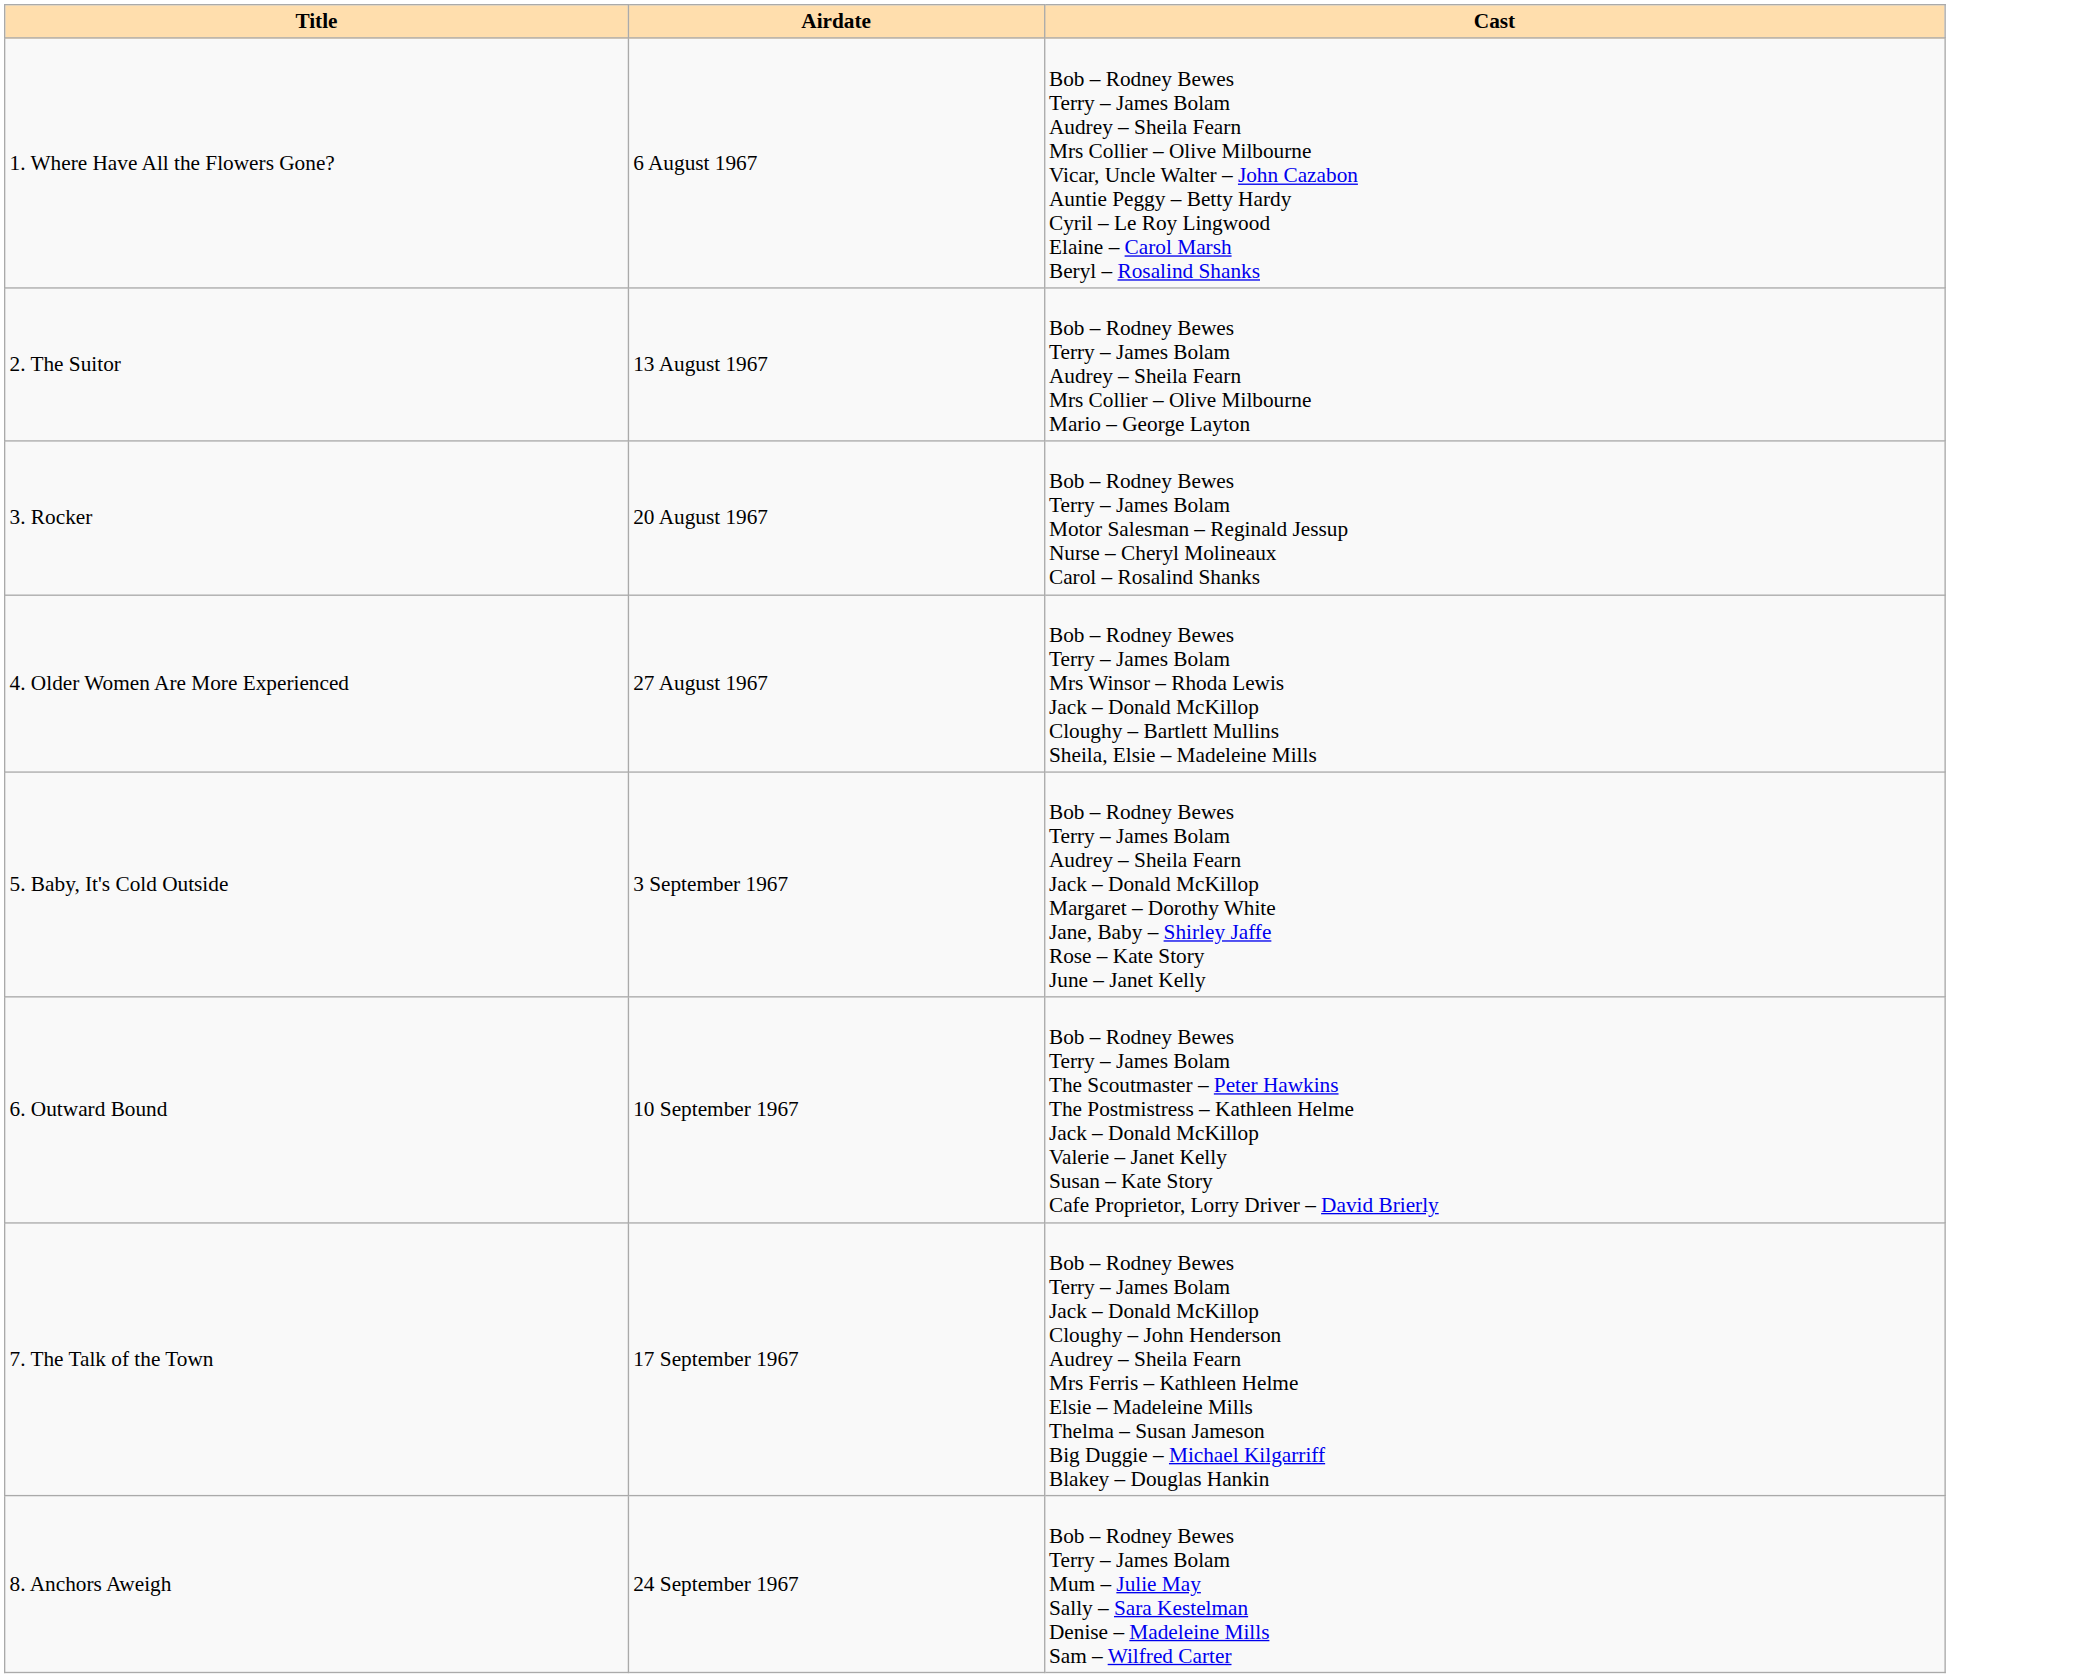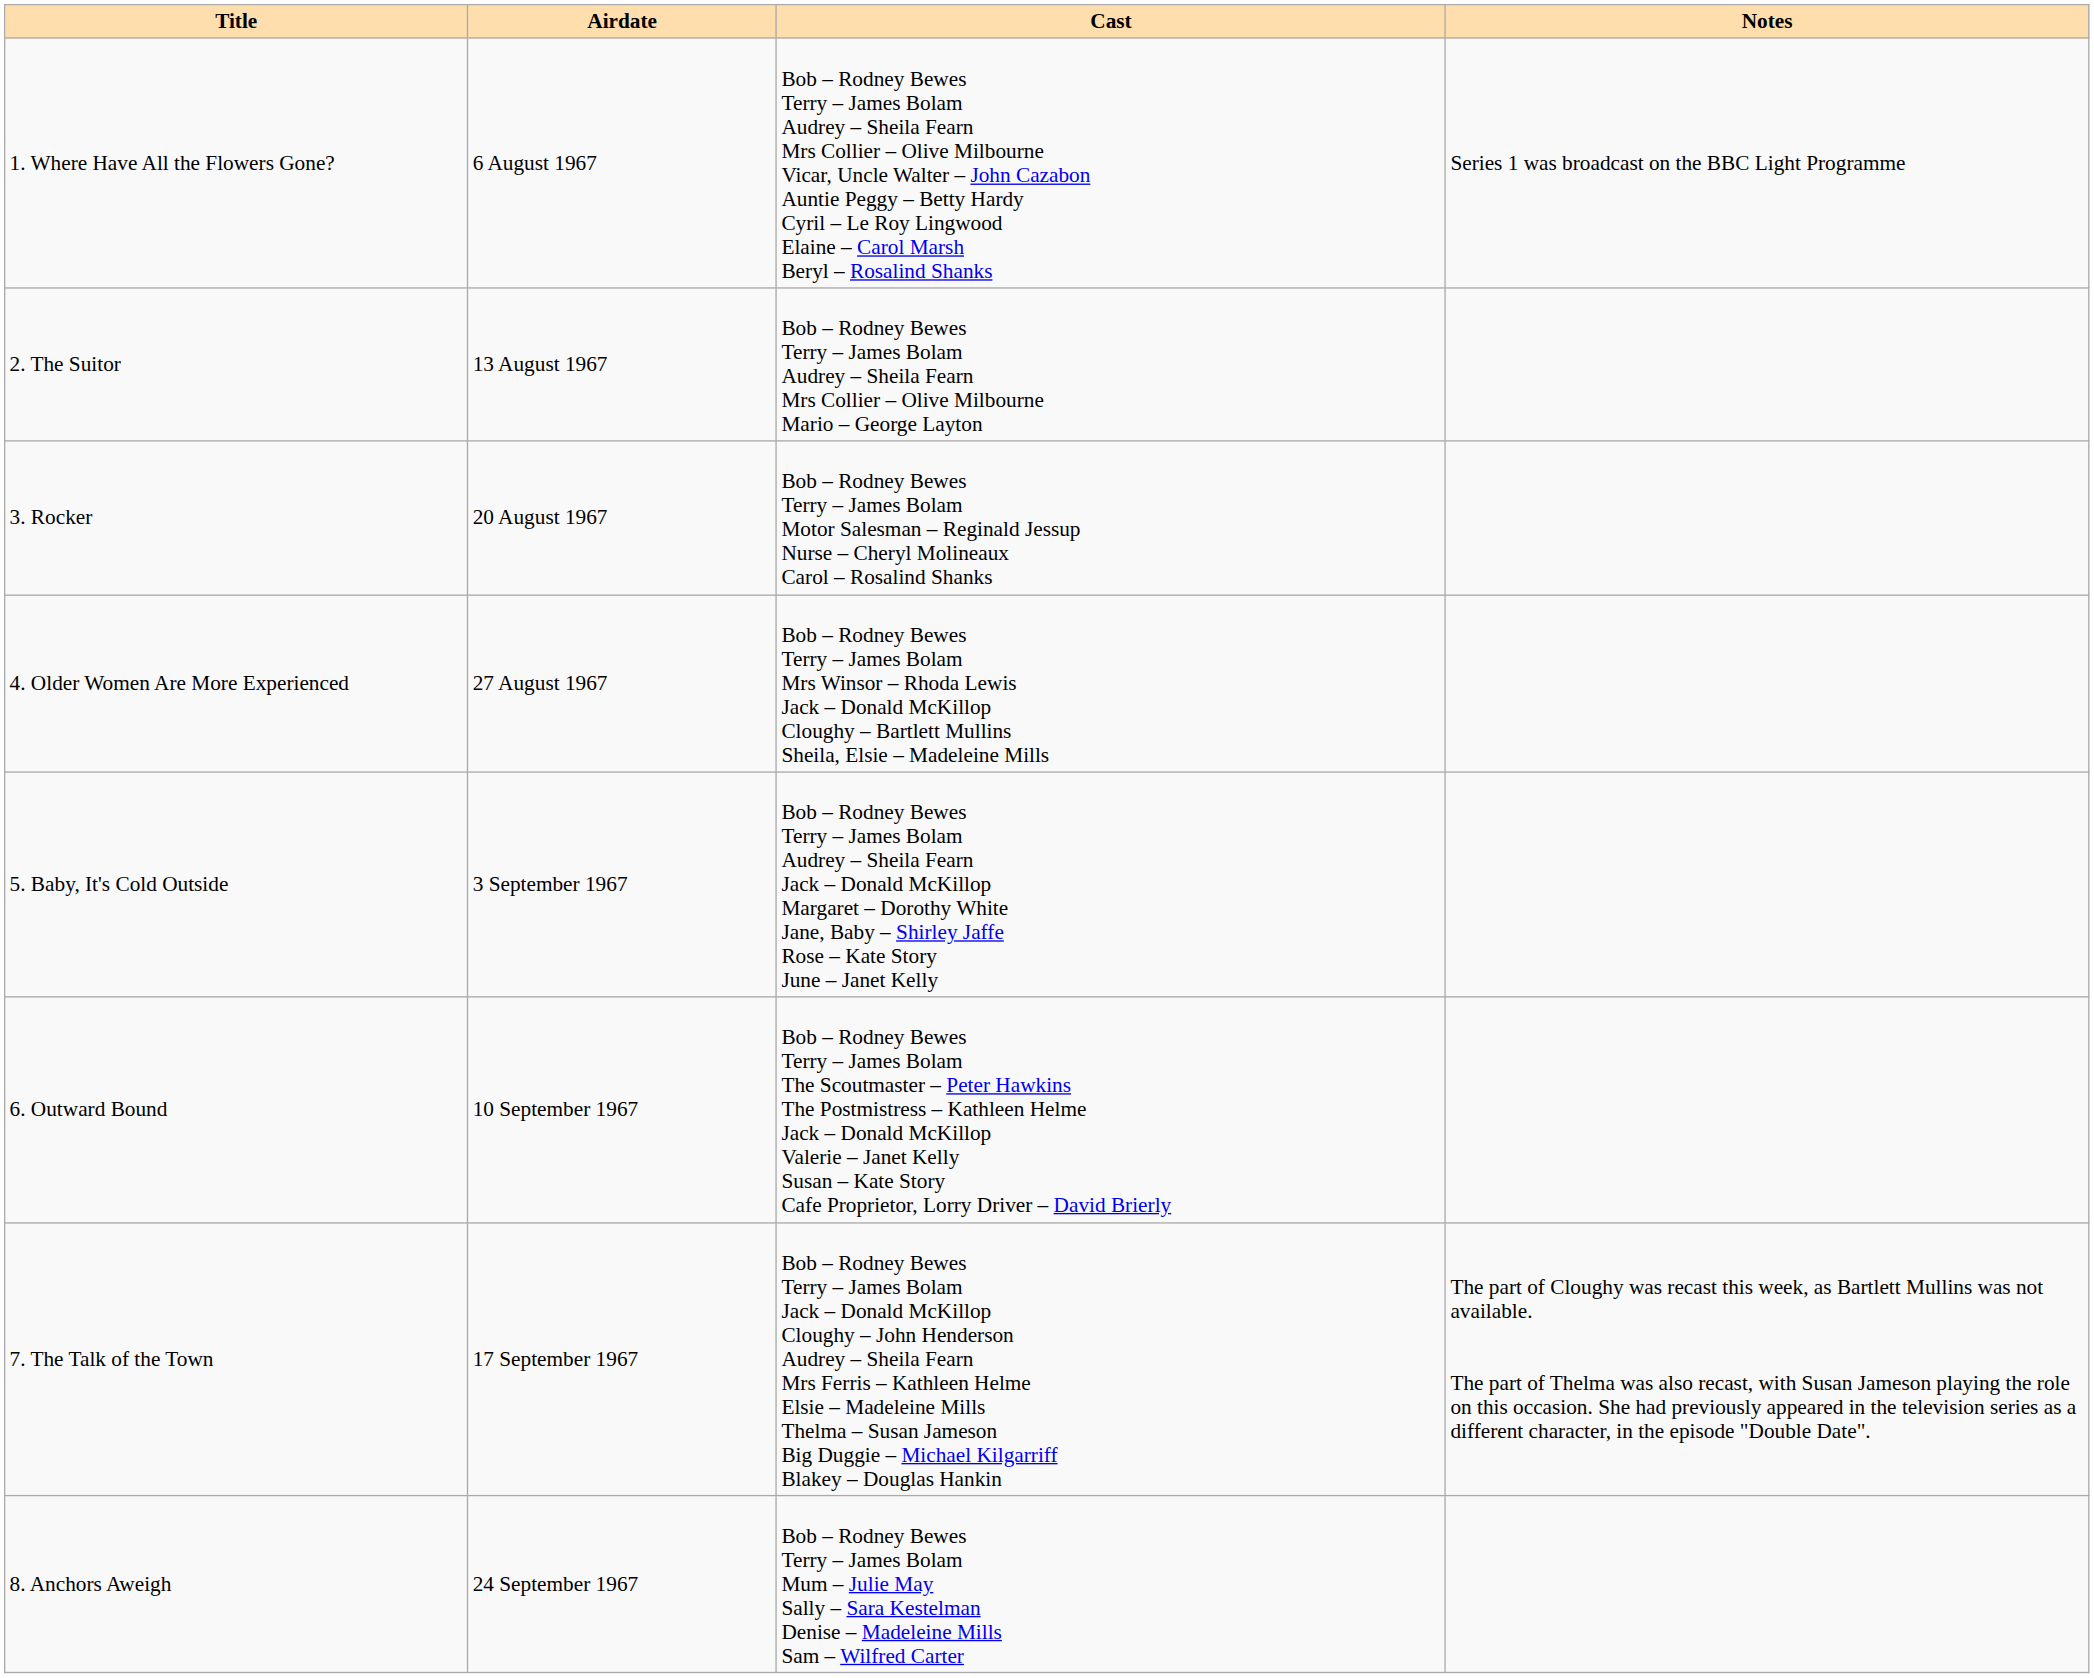 <table class="wikitable" border=1>
 <tr>
 <th style="background:#ffdead" width=18%>Title</th>
 <th style="background:#ffdead" width=12%>Airdate</th>
 <th style="background:#ffdead" width=26%>Cast</th>
+<th style="background:#ffdead" width=25%>Notes</th>
 </tr>
 <tr>
 <td>1. Where Have All the Flowers Gone?</td>
 <td>6 August 1967</td>
 <td><br>Bob – Rodney Bewes<br> Terry – James Bolam<br> Audrey – Sheila Fearn<br> Mrs Collier – Olive Milbourne<br> Vicar, Uncle Walter – <a href='#'>John Cazabon</a><br> Auntie Peggy – Betty Hardy <br> Cyril – Le Roy Lingwood<br> Elaine – <a href='#'>Carol Marsh</a><br> Beryl – <a href='#'>Rosalind Shanks</a></td>
+<td>Series 1 was broadcast on the BBC Light Programme</td>
 </tr>
 <tr>
 <td>2. The Suitor</td>
 <td>13 August 1967</td>
 <td><br>Bob – Rodney Bewes<br> Terry – James Bolam<br> Audrey – Sheila Fearn<br> Mrs Collier – Olive Milbourne<br> Mario – George Layton</td>
+<td></td>
 </tr>
 <tr>
 <td>3. Rocker</td>
 <td>20 August 1967</td>
 <td><br>Bob – Rodney Bewes<br> Terry – James Bolam<br> Motor Salesman – Reginald Jessup<br> Nurse – Cheryl Molineaux<br> Carol – Rosalind Shanks</td>
+<td></td>
 </tr>
 <tr>
 <td>4. Older Women Are More Experienced</td>
 <td>27 August 1967</td>
 <td><br>Bob – Rodney Bewes<br> Terry – James Bolam<br> Mrs Winsor – Rhoda Lewis<br> Jack – Donald McKillop<br> Cloughy – Bartlett Mullins<br> Sheila, Elsie – Madeleine Mills</td>
+<td></td>
 </tr>
 <tr>
 <td>5. Baby, It's Cold Outside</td>
 <td>3 September 1967</td>
 <td><br>Bob – Rodney Bewes<br> Terry – James Bolam<br> Audrey – Sheila Fearn<br> Jack – Donald McKillop<br> Margaret – Dorothy White<br> Jane, Baby – <a href='#'>Shirley Jaffe</a><br> Rose – Kate Story<br> June – Janet Kelly</td>
+<td></td>
 </tr>
 <tr>
 <td>6. Outward Bound</td>
 <td>10 September 1967</td>
 <td><br>Bob – Rodney Bewes<br> Terry – James Bolam<br> The Scoutmaster – <a href='#'>Peter Hawkins</a><br> The Postmistress – Kathleen Helme<br> Jack – Donald McKillop<br> Valerie – Janet Kelly<br> Susan – Kate Story<br> Cafe Proprietor, Lorry Driver – <a href='#'>David Brierly</a></td>
+<td></td>
 </tr>
 <tr>
 <td>7. The Talk of the Town</td>
 <td>17 September 1967</td>
 <td><br>Bob – Rodney Bewes<br> Terry – James Bolam<br> Jack – Donald McKillop<br> Cloughy – John Henderson<br> Audrey – Sheila Fearn<br> Mrs Ferris – Kathleen Helme<br> Elsie – Madeleine Mills<br> Thelma – Susan Jameson<br> Big Duggie – <a href='#'>Michael Kilgarriff</a><br> Blakey – Douglas Hankin</td>
+<td>The part of Cloughy was recast this week, as Bartlett Mullins was not available.<br><br><br>The part of Thelma was also recast, with Susan Jameson playing the role on this occasion. She had previously appeared in the television series as a different character, in the episode "Double Date".</td>
 </tr>
 <tr>
 <td>8. Anchors Aweigh</td>
 <td>24 September 1967</td>
 <td><br>Bob – Rodney Bewes<br> Terry – James Bolam<br> Mum – <a href='#'>Julie May</a><br> Sally – <a href='#'>Sara Kestelman</a><br> Denise – <a href='#'>Madeleine Mills</a><br> Sam – <a href='#'>Wilfred Carter</a></td>
+<td></td>
 </tr>
 </table>
